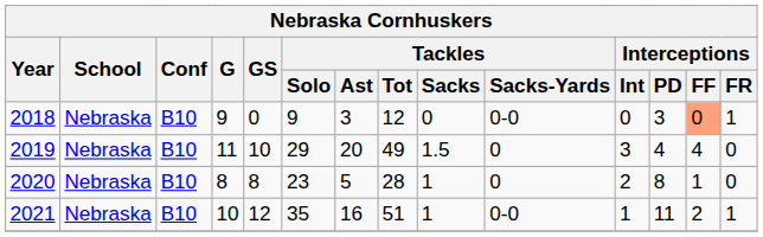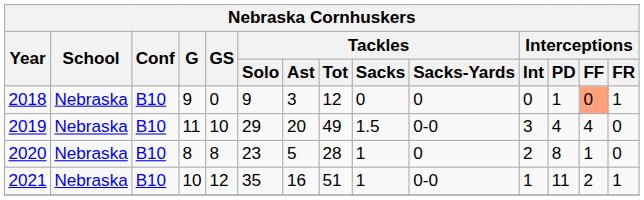 <table class="wikitable">
 <tr>
 <th colspan="14">Nebraska Cornhuskers</th>
 </tr>
 <tr>
 <th rowspan=2>Year</th>
 <th rowspan=2>School</th>
 <th rowspan=2>Conf</th>
 <th rowspan=2>G</th>
 <th rowspan=2>GS</th>
 <th colspan="5">Tackles</th>
 <th colspan="4">Interceptions</th>
 </tr>
 <tr>
 <th>Solo</th>
 <th>Ast</th>
 <th>Tot</th>
 <th>Sacks</th>
 <th>Sacks-Yards</th>
 <th>Int</th>
 <th>PD</th>
 <th>FF</th>
 <th>FR</th>
 </tr>
 <tr>
 <td><a href='#'>2018</a></td>
 <td><a href='#'>Nebraska</a></td>
 <td><a href='#'>B10</a></td>
 <td>9</td>
 <td>0</td>
 <td>9</td>
 <td>3</td>
 <td>12</td>
 <td>0</td>
-<td>0-0</td>
 <td>0</td>
-<td>3</td>
+<td>0</td>
+<td>1</td>
 <td style="background: lightsalmon;">0</td>
 <td>1</td>
 </tr>
 <tr>
 <td><a href='#'>2019</a></td>
 <td><a href='#'>Nebraska</a></td>
 <td><a href='#'>B10</a></td>
 <td>11</td>
 <td>10</td>
 <td>29</td>
 <td>20</td>
 <td>49</td>
 <td>1.5</td>
-<td>0</td>
+<td>0-0</td>
 <td>3</td>
 <td>4</td>
 <td>4</td>
 <td>0</td>
 </tr>
 <tr>
 <td><a href='#'>2020</a></td>
 <td><a href='#'>Nebraska</a></td>
 <td><a href='#'>B10</a></td>
 <td>8</td>
 <td>8</td>
 <td>23</td>
 <td>5</td>
 <td>28</td>
 <td>1</td>
 <td>0</td>
 <td>2</td>
 <td>8</td>
 <td>1</td>
 <td>0</td>
 </tr>
 <tr>
 <td><a href='#'>2021</a></td>
 <td><a href='#'>Nebraska</a></td>
 <td><a href='#'>B10</a></td>
 <td>10</td>
 <td>12</td>
 <td>35</td>
 <td>16</td>
 <td>51</td>
 <td>1</td>
 <td>0-0</td>
 <td>1</td>
 <td>11</td>
 <td>2</td>
 <td>1</td>
 </tr>
 <tr>
 </tr>
 </table>
